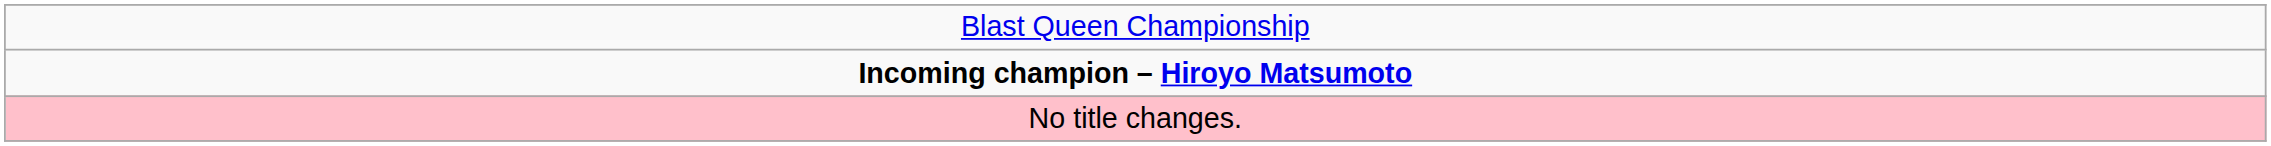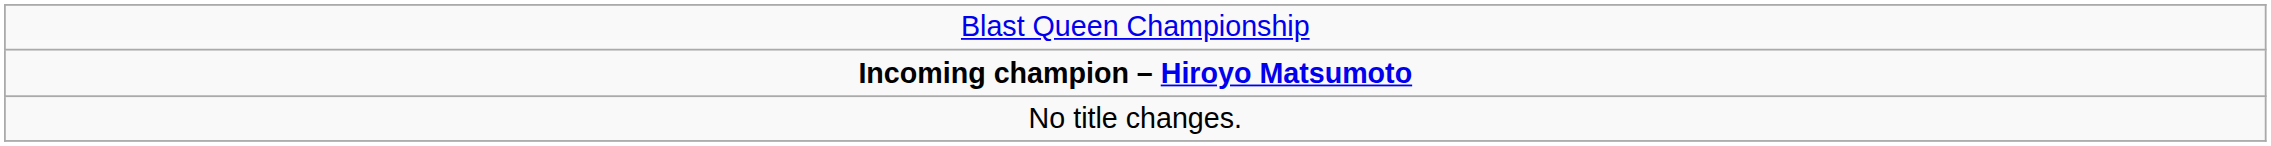 <table class="wikitable" style="text-align:center; width:100%;">
 <tr>
 <td style="text-align: center;"><a href='#'>Blast Queen Championship</a></td>
 </tr>
 <tr>
 <td style="text-align: center;"><strong>Incoming champion – <a href='#'>Hiroyo Matsumoto</a></strong></td>
 </tr>
 <tr>
-<td style="background: pink;">No title changes.</td>
+<td>No title changes.</td>
 </tr>
 </table>
